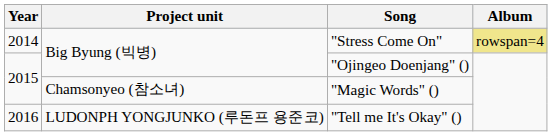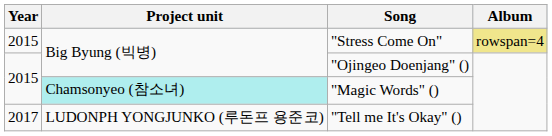 <table class="wikitable">
 <tr style="background:#b0c4de; text-align:center;">
 <th>Year</th>
 <th>Project unit</th>
 <th>Song</th>
 <th>Album</th>
 </tr>
 <tr>
-<td>2014</td>
+<td>2015</td>
 <td rowspan=2>Big Byung (빅병)</td>
 <td>"Stress Come On"</td>
 <td style="background: khaki;">rowspan=4 </td>
 </tr>
 <tr>
 <td rowspan=2>2015</td>
 <td>"Ojingeo Doenjang" ()</td>
 </tr>
 <tr>
-<td>Chamsonyeo (참소녀)</td>
+<td style="background: paleturquoise;">Chamsonyeo (참소녀)</td>
 <td>"Magic Words"  ()</td>
 </tr>
 <tr>
-<td>2016</td>
+<td>2017</td>
 <td rowspan=2>LUDONPH YONGJUNKO (루돈프 용준코)</td>
 <td>"Tell me It's Okay" ()</td>
 </tr>
 </table>
